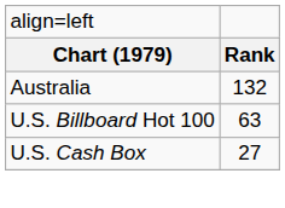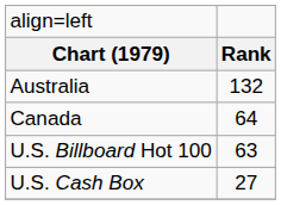 <table class="wikitable sortable">
 <tr>
 <td>align=left</td>
 </tr>
 <tr>
 <th>Chart (1979)</th>
 <th style="text-align:center;">Rank</th>
 </tr>
 <tr>
 <td>Australia</td>
 <td style="text-align:center;">132</td>
 </tr>
 <tr>
+<td>Canada</td>
+<td style="text-align:center;">64</td>
+</tr>
+<tr>
 <td>U.S. <em>Billboard</em> Hot 100</td>
 <td style="text-align:center;">63</td>
 </tr>
 <tr>
 <td>U.S. <em>Cash Box</em></td>
 <td style="text-align:center;">27</td>
 </tr>
 <tr>
 </tr>
 </table>
